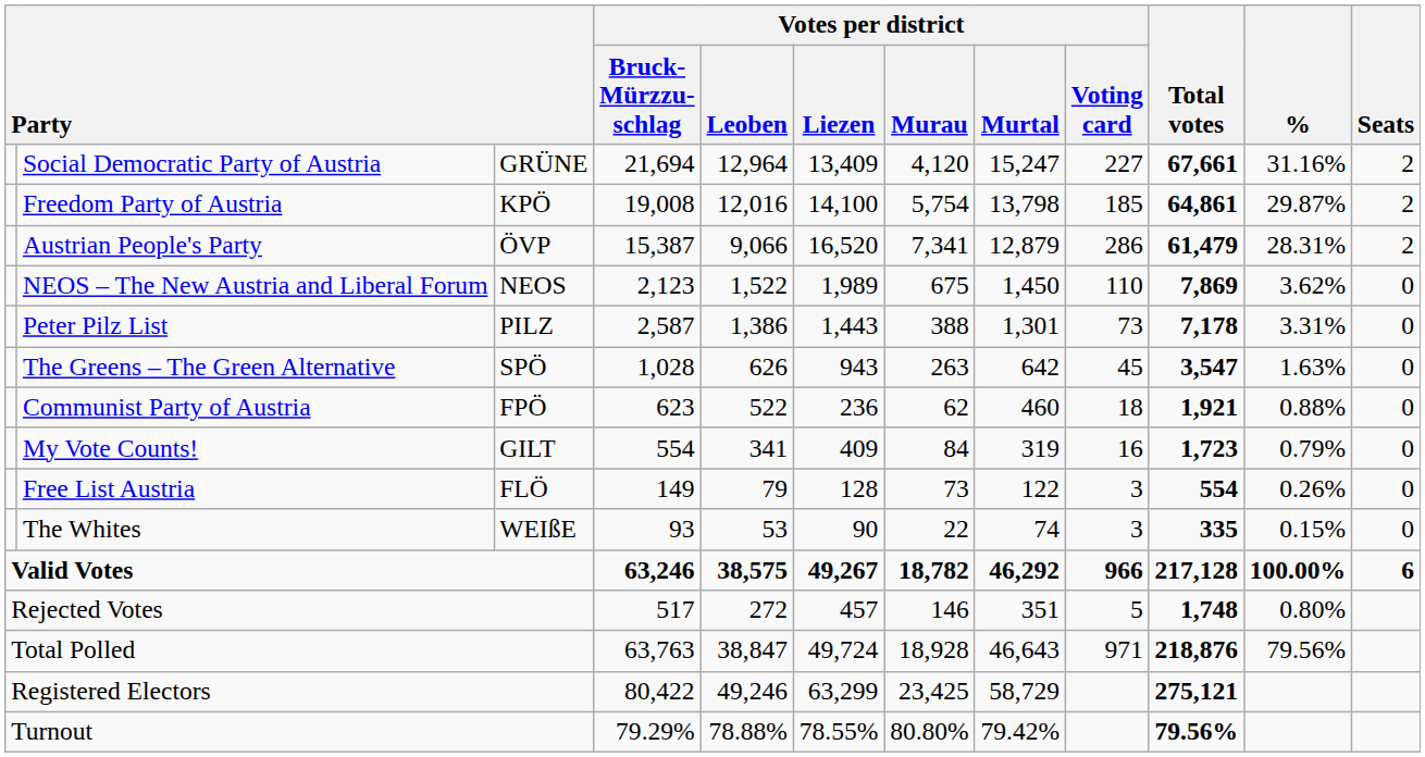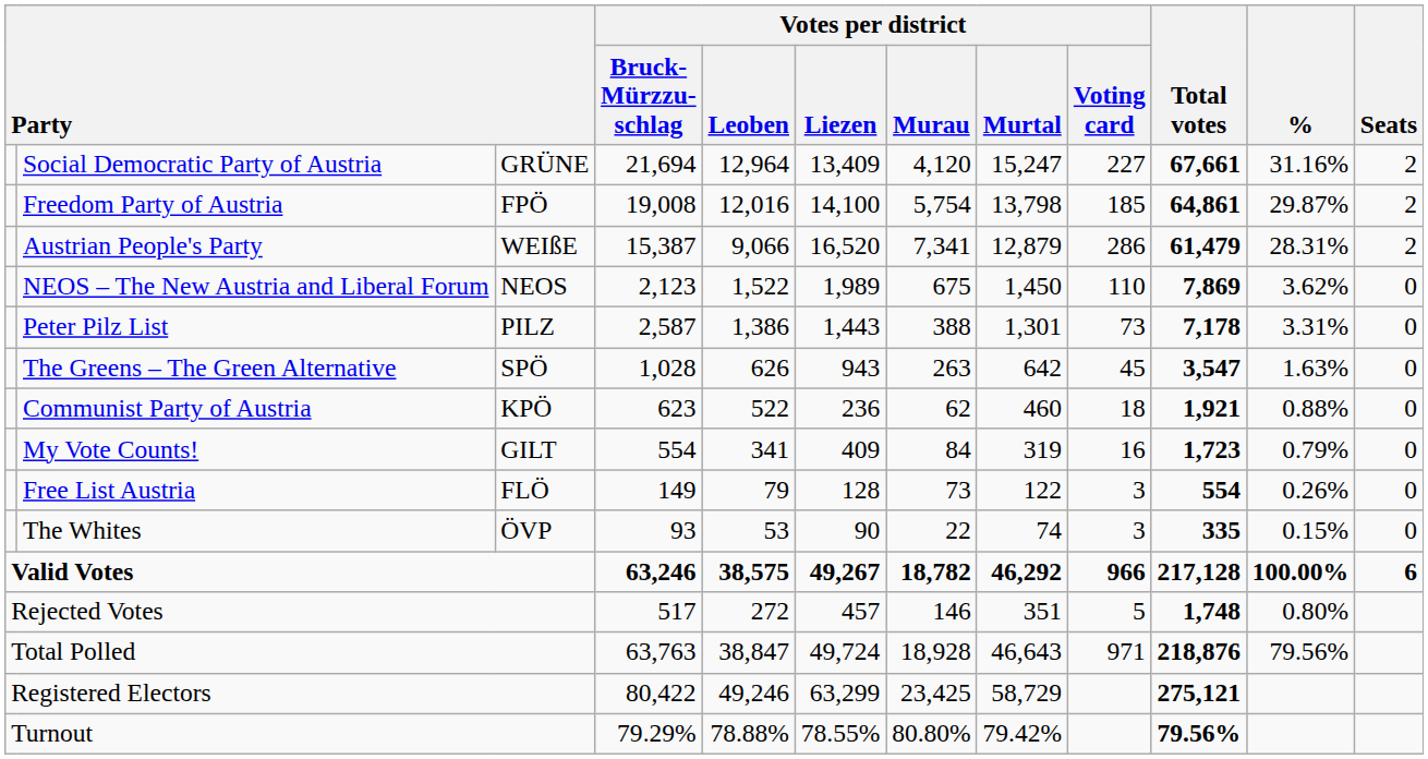 <table class="wikitable" border="1" style="text-align:right;">
 <tr>
 <th style="text-align:left;" valign=bottom rowspan=2 colspan=3>Party</th>
 <th colspan=6>Votes per district</th>
 <th align=center valign=bottom rowspan=2 width="50">Total<br>votes</th>
 <th align=center valign=bottom rowspan=2 width="50">%</th>
 <th align=center valign=bottom rowspan=2>Seats</th>
 </tr>
 <tr>
 <th align=center valign=bottom width="50"><a href='#'>Bruck-<br>Mürzzu-<br>schlag</a></th>
 <th align=center valign=bottom width="50"><a href='#'>Leoben</a></th>
 <th align=center valign=bottom width="50"><a href='#'>Liezen</a></th>
 <th align=center valign=bottom width="50"><a href='#'>Murau</a></th>
 <th align=center valign=bottom width="50"><a href='#'>Murtal</a></th>
 <th align=center valign=bottom width="50"><a href='#'>Voting<br>card</a></th>
 </tr>
 <tr>
 <td></td>
 <td align=left><a href='#'>Social Democratic Party of Austria</a></td>
 <td align=left>GRÜNE</td>
 <td>21,694</td>
 <td>12,964</td>
 <td>13,409</td>
 <td>4,120</td>
 <td>15,247</td>
 <td>227</td>
 <td><strong>67,661</strong></td>
 <td>31.16%</td>
 <td>2</td>
 </tr>
 <tr>
 <td></td>
 <td align=left><a href='#'>Freedom Party of Austria</a></td>
-<td align=left>KPÖ</td>
+<td align=left>FPÖ</td>
 <td>19,008</td>
 <td>12,016</td>
 <td>14,100</td>
 <td>5,754</td>
 <td>13,798</td>
 <td>185</td>
 <td><strong>64,861</strong></td>
 <td>29.87%</td>
 <td>2</td>
 </tr>
 <tr>
 <td></td>
 <td align=left><a href='#'>Austrian People's Party</a></td>
-<td align=left>ÖVP</td>
+<td align=left>WEIßE</td>
 <td>15,387</td>
 <td>9,066</td>
 <td>16,520</td>
 <td>7,341</td>
 <td>12,879</td>
 <td>286</td>
 <td><strong>61,479</strong></td>
 <td>28.31%</td>
 <td>2</td>
 </tr>
 <tr>
 <td></td>
 <td align=left style="white-space: nowrap;"><a href='#'>NEOS – The New Austria and Liberal Forum</a></td>
 <td align=left>NEOS</td>
 <td>2,123</td>
 <td>1,522</td>
 <td>1,989</td>
 <td>675</td>
 <td>1,450</td>
 <td>110</td>
 <td><strong>7,869</strong></td>
 <td>3.62%</td>
 <td>0</td>
 </tr>
 <tr>
 <td></td>
 <td align=left><a href='#'>Peter Pilz List</a></td>
 <td align=left>PILZ</td>
 <td>2,587</td>
 <td>1,386</td>
 <td>1,443</td>
 <td>388</td>
 <td>1,301</td>
 <td>73</td>
 <td><strong>7,178</strong></td>
 <td>3.31%</td>
 <td>0</td>
 </tr>
 <tr>
 <td></td>
 <td align=left><a href='#'>The Greens – The Green Alternative</a></td>
 <td align=left>SPÖ</td>
 <td>1,028</td>
 <td>626</td>
 <td>943</td>
 <td>263</td>
 <td>642</td>
 <td>45</td>
 <td><strong>3,547</strong></td>
 <td>1.63%</td>
 <td>0</td>
 </tr>
 <tr>
 <td></td>
 <td align=left><a href='#'>Communist Party of Austria</a></td>
-<td align=left>FPÖ</td>
+<td align=left>KPÖ</td>
 <td>623</td>
 <td>522</td>
 <td>236</td>
 <td>62</td>
 <td>460</td>
 <td>18</td>
 <td><strong>1,921</strong></td>
 <td>0.88%</td>
 <td>0</td>
 </tr>
 <tr>
 <td></td>
 <td align=left><a href='#'>My Vote Counts!</a></td>
 <td align=left>GILT</td>
 <td>554</td>
 <td>341</td>
 <td>409</td>
 <td>84</td>
 <td>319</td>
 <td>16</td>
 <td><strong>1,723</strong></td>
 <td>0.79%</td>
 <td>0</td>
 </tr>
 <tr>
 <td></td>
 <td align=left><a href='#'>Free List Austria</a></td>
 <td align=left>FLÖ</td>
 <td>149</td>
 <td>79</td>
 <td>128</td>
 <td>73</td>
 <td>122</td>
 <td>3</td>
 <td><strong>554</strong></td>
 <td>0.26%</td>
 <td>0</td>
 </tr>
 <tr>
 <td></td>
 <td align=left>The Whites</td>
-<td align=left>WEIßE</td>
+<td align=left>ÖVP</td>
 <td>93</td>
 <td>53</td>
 <td>90</td>
 <td>22</td>
 <td>74</td>
 <td>3</td>
 <td><strong>335</strong></td>
 <td>0.15%</td>
 <td>0</td>
 </tr>
 <tr style="font-weight:bold">
 <td align=left colspan=3>Valid Votes</td>
 <td>63,246</td>
 <td>38,575</td>
 <td>49,267</td>
 <td>18,782</td>
 <td>46,292</td>
 <td>966</td>
 <td>217,128</td>
 <td>100.00%</td>
 <td>6</td>
 </tr>
 <tr>
 <td align=left colspan=3>Rejected Votes</td>
 <td>517</td>
 <td>272</td>
 <td>457</td>
 <td>146</td>
 <td>351</td>
 <td>5</td>
 <td><strong>1,748</strong></td>
 <td>0.80%</td>
 <td></td>
 </tr>
 <tr>
 <td align=left colspan=3>Total Polled</td>
 <td>63,763</td>
 <td>38,847</td>
 <td>49,724</td>
 <td>18,928</td>
 <td>46,643</td>
 <td>971</td>
 <td><strong>218,876</strong></td>
 <td>79.56%</td>
 <td></td>
 </tr>
 <tr>
 <td align=left colspan=3>Registered Electors</td>
 <td>80,422</td>
 <td>49,246</td>
 <td>63,299</td>
 <td>23,425</td>
 <td>58,729</td>
 <td></td>
 <td><strong>275,121</strong></td>
 <td></td>
 <td></td>
 </tr>
 <tr>
 <td align=left colspan=3>Turnout</td>
 <td>79.29%</td>
 <td>78.88%</td>
 <td>78.55%</td>
 <td>80.80%</td>
 <td>79.42%</td>
 <td></td>
 <td><strong>79.56%</strong></td>
 <td></td>
 <td></td>
 </tr>
 </table>
